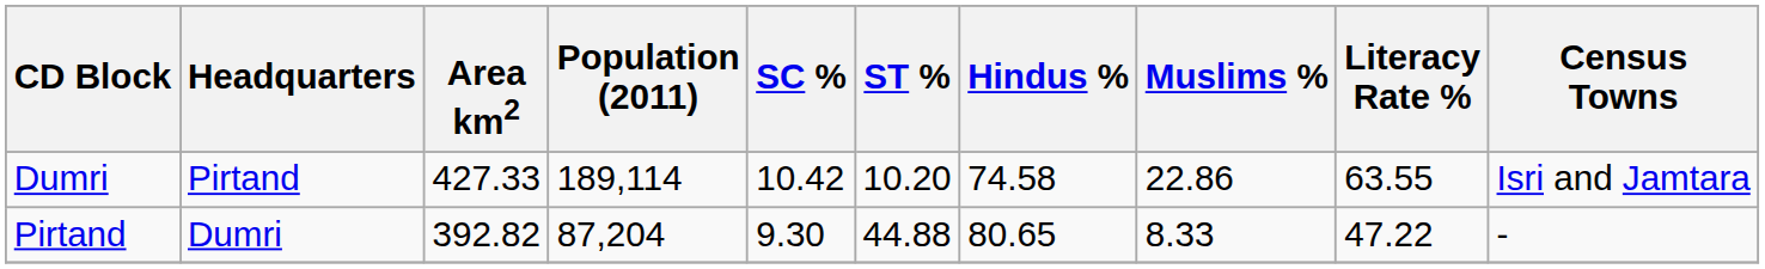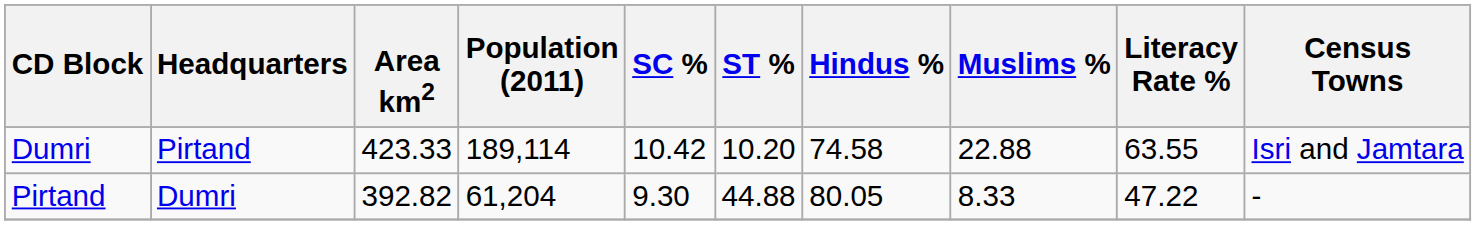 <table class="wikitable sortable">
 <tr>
 <th>CD Block</th>
 <th>Headquarters</th>
 <th><br>Area<br>km<sup>2</sup></th>
 <th>Population<br>(2011)</th>
 <th><a href='#'>SC</a> %</th>
 <th><a href='#'>ST</a> %</th>
 <th><a href='#'>Hindus</a> %</th>
 <th><a href='#'>Muslims</a> %</th>
 <th>Literacy<br> Rate %</th>
 <th>Census<br>Towns</th>
 </tr>
 <tr>
 <td><a href='#'>Dumri</a></td>
 <td><a href='#'>Pirtand</a></td>
-<td>427.33</td>
+<td>423.33</td>
 <td>189,114</td>
 <td>10.42</td>
 <td>10.20</td>
 <td>74.58</td>
-<td>22.86</td>
+<td>22.88</td>
 <td>63.55</td>
 <td><a href='#'>Isri</a> and <a href='#'>Jamtara</a></td>
 </tr>
 <tr>
 <td><a href='#'>Pirtand</a></td>
 <td><a href='#'>Dumri</a></td>
 <td>392.82</td>
-<td>87,204</td>
+<td>61,204</td>
 <td>9.30</td>
 <td>44.88</td>
-<td>80.65</td>
+<td>80.05</td>
 <td>8.33</td>
 <td>47.22</td>
 <td>-</td>
 </tr>
 <tr>
 </tr>
 </table>
